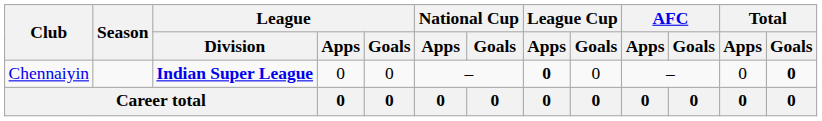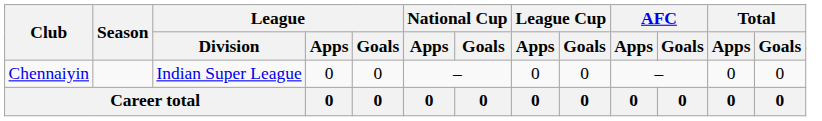 <table class=wikitable style=text-align:center>
 <tr>
 <th rowspan="2">Club</th>
 <th rowspan="2">Season</th>
 <th colspan="3">League</th>
 <th colspan="2">National Cup</th>
 <th colspan="2">League Cup</th>
 <th colspan="2"><a href='#'>AFC</a></th>
 <th colspan="2">Total</th>
 </tr>
 <tr>
 <th>Division</th>
 <th>Apps</th>
 <th>Goals</th>
 <th>Apps</th>
 <th>Goals</th>
 <th>Apps</th>
 <th>Goals</th>
 <th>Apps</th>
 <th>Goals</th>
 <th>Apps</th>
 <th>Goals</th>
 </tr>
 <tr>
 <td rowspan="1"><a href='#'>Chennaiyin</a></td>
 <td></td>
-<td rowspan="1"><strong><a href='#'>Indian Super League</a></strong></td>
+<td rowspan="1"><a href='#'>Indian Super League</a></td>
 <td>0</td>
 <td>0</td>
 <td colspan="2">–</td>
-<td><strong>0</strong></td>
+<td>0</td>
 <td>0</td>
 <td colspan="2">–</td>
 <td>0</td>
-<td><strong>0</strong></td>
+<td>0</td>
 </tr>
 <tr>
 <th colspan="3">Career total</th>
 <th>0</th>
 <th>0</th>
 <th>0</th>
 <th>0</th>
 <th>0</th>
 <th>0</th>
 <th>0</th>
 <th>0</th>
 <th>0</th>
 <th>0</th>
 </tr>
 </table>
